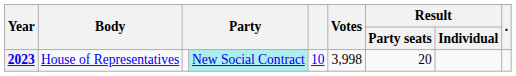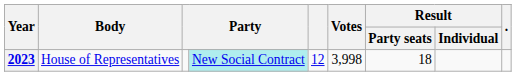 <table class="wikitable plainrowheaders sortable" border=2 cellpadding=4 cellspacing=0 style="border: 1px #aaa solid; font-size: 90%; text-align:center;">
 <tr>
 <th scope="col" rowspan=2>Year</th>
 <th scope="col" rowspan=2>Body</th>
 <th scope="col" colspan=2 rowspan=2>Party</th>
 <th scope="col" rowspan=2></th>
 <th scope="col" rowspan=2>Votes</th>
 <th scope="colgroup" colspan=2>Result</th>
 <th scope="col" rowspan=2 class="unsortable">.</th>
 </tr>
 <tr>
 <th scope="col">Party seats</th>
 <th scope="col">Individual</th>
 </tr>
 <tr>
 <th scope="row"><a href='#'>2023</a></th>
 <td><a href='#'>House of Representatives</a></td>
 <td style="background-color:"></td>
 <td style="background: paleturquoise;"><a href='#'>New Social Contract</a></td>
-<td style=text-align:right><a href='#'>10</a></td>
+<td style=text-align:right><a href='#'>12</a></td>
 <td style=text-align:right>3,998</td>
-<td style=text-align:right>20</td>
+<td style=text-align:right>18</td>
 <td></td>
 <td></td>
 </tr>
 </table>
